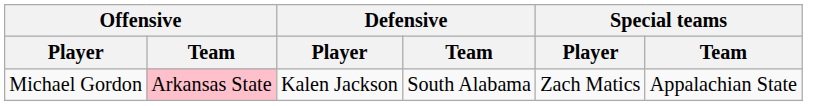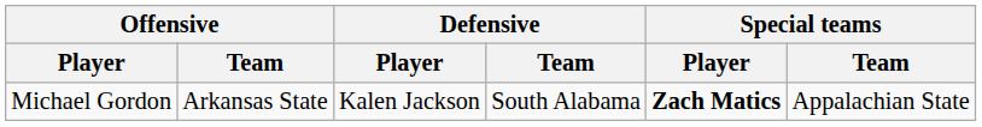 <table class="wikitable">
 <tr>
 <th colspan="2">Offensive</th>
 <th colspan="2">Defensive</th>
 <th colspan="2">Special teams</th>
 </tr>
 <tr>
 <th>Player</th>
 <th>Team</th>
 <th>Player</th>
 <th>Team</th>
 <th>Player</th>
 <th>Team</th>
 </tr>
 <tr>
 <td>Michael Gordon</td>
-<td style="background: pink;">Arkansas State</td>
+<td>Arkansas State</td>
 <td>Kalen Jackson</td>
 <td>South Alabama</td>
-<td>Zach Matics</td>
+<td><strong>Zach Matics</strong></td>
 <td>Appalachian State</td>
 </tr>
 </table>
